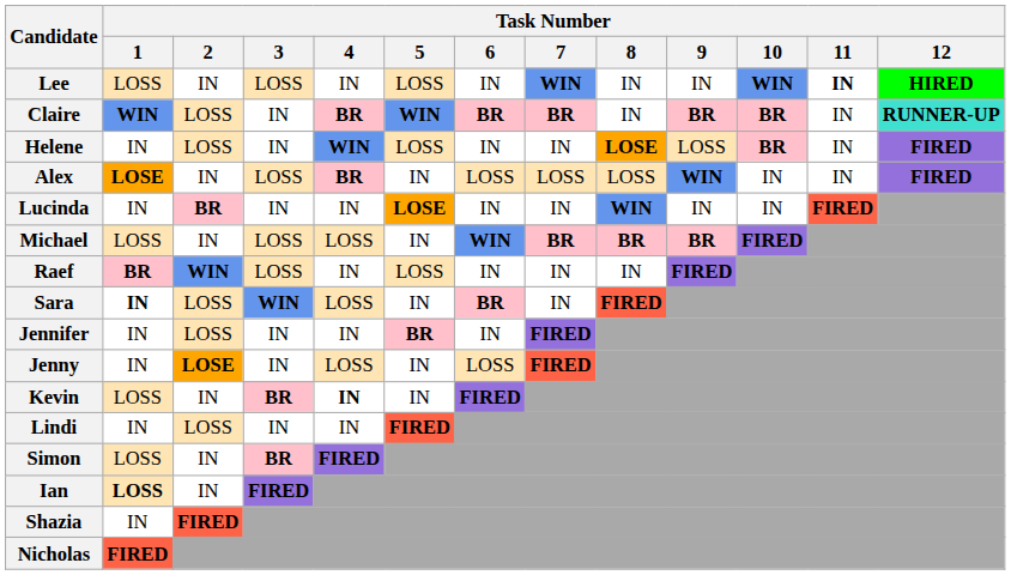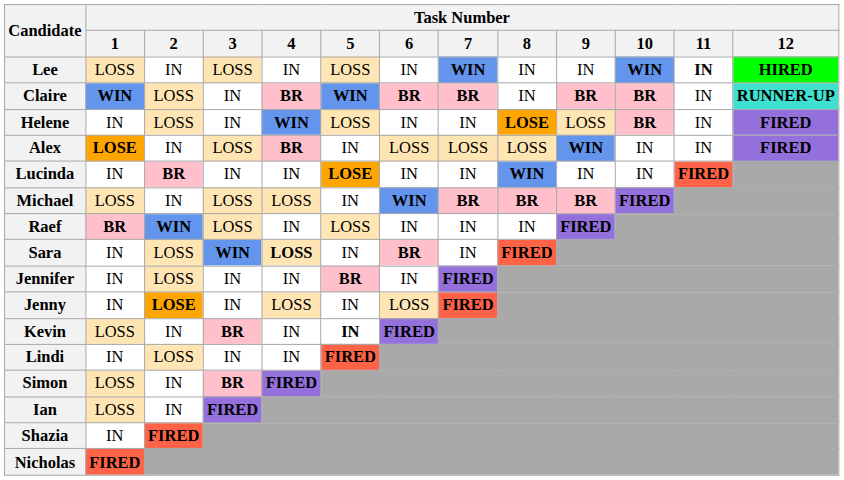 <table class="wikitable" style="text-align:center">
 <tr>
 <th rowspan="2">Candidate</th>
 <th colspan="13">Task Number</th>
 </tr>
 <tr>
 <th>1</th>
 <th>2</th>
 <th>3</th>
 <th>4</th>
 <th>5</th>
 <th>6</th>
 <th>7</th>
 <th>8</th>
 <th>9</th>
 <th>10</th>
 <th>11</th>
 <th>12</th>
 </tr>
 <tr>
 <th>Lee</th>
 <td style="background:#FFE5B4;">LOSS</td>
 <td style="background:white;">IN</td>
 <td style="background:#FFE5B4;">LOSS</td>
 <td style="background:white;">IN</td>
 <td style="background:#FFE5B4;">LOSS</td>
 <td style="background:white;">IN</td>
 <td style="background:cornflowerblue;"><strong>WIN</strong></td>
 <td style="background:white;">IN</td>
 <td style="background:white;">IN</td>
 <td style="background:cornflowerblue;"><strong>WIN</strong></td>
 <td style="background:white;"><strong>IN</strong></td>
 <td style="background:lime;"><strong>HIRED</strong></td>
 </tr>
 <tr>
 <th>Claire</th>
 <td style="background:cornflowerblue;"><strong>WIN</strong></td>
 <td style="background:#FFE5B4;">LOSS</td>
 <td style="background:white;">IN</td>
 <td style="background:pink;"><strong>BR</strong></td>
 <td style="background:cornflowerblue;"><strong>WIN</strong></td>
 <td style="background:pink;"><strong>BR</strong></td>
 <td style="background:pink;"><strong>BR</strong></td>
 <td style="background:white;">IN</td>
 <td style="background:pink;"><strong>BR</strong></td>
 <td style="background:pink;"><strong>BR</strong></td>
 <td style="background:white;">IN</td>
 <td style="background:turquoise;"><strong>RUNNER-UP</strong></td>
 </tr>
 <tr>
 <th>Helene</th>
 <td style="background:white;">IN</td>
 <td style="background:#FFE5B4;">LOSS</td>
 <td style="background:white;">IN</td>
 <td style="background:cornflowerblue;"><strong>WIN</strong></td>
 <td style="background:#FFE5B4;">LOSS</td>
 <td style="background:white;">IN</td>
 <td style="background:white;">IN</td>
 <td style="background:orange;"><strong>LOSE</strong></td>
 <td style="background:#FFE5B4;">LOSS</td>
 <td style="background:pink;"><strong>BR</strong></td>
 <td style="background:white;">IN</td>
 <td style="background:#9370DB;"><strong>FIRED</strong></td>
 </tr>
 <tr>
 <th>Alex</th>
 <td style="background:orange;"><strong>LOSE</strong></td>
 <td style="background:white;">IN</td>
 <td style="background:#FFE5B4;">LOSS</td>
 <td style="background:pink;"><strong>BR</strong></td>
 <td style="background:white;">IN</td>
 <td style="background:#FFE5B4;">LOSS</td>
 <td style="background:#FFE5B4;">LOSS</td>
 <td style="background:#FFE5B4;">LOSS</td>
 <td style="background:cornflowerblue;"><strong>WIN</strong></td>
 <td style="background:white;">IN</td>
 <td style="background:white;">IN</td>
 <td style="background:#9370DB;"><strong>FIRED</strong></td>
 </tr>
 <tr>
 <th>Lucinda</th>
 <td style="background:white;">IN</td>
 <td style="background:pink;"><strong>BR</strong></td>
 <td style="background:white;">IN</td>
 <td style="background:white;">IN</td>
 <td style="background:orange;"><strong>LOSE</strong></td>
 <td style="background:white;">IN</td>
 <td style="background:white;">IN</td>
 <td style="background:cornflowerblue;"><strong>WIN</strong></td>
 <td style="background:white;">IN</td>
 <td style="background:white;">IN</td>
 <td style="background:tomato;"><strong>FIRED</strong></td>
 <td colspan="1" style="background:darkgrey;"></td>
 </tr>
 <tr>
 <th>Michael</th>
 <td style="background:#FFE5B4;">LOSS</td>
 <td style="background:white;">IN</td>
 <td style="background:#FFE5B4;">LOSS</td>
 <td style="background:#FFE5B4;">LOSS</td>
 <td style="background:white;">IN</td>
 <td style="background:cornflowerblue;"><strong>WIN</strong></td>
 <td style="background:pink;"><strong>BR</strong></td>
 <td style="background:pink;"><strong>BR</strong></td>
 <td style="background:pink;"><strong>BR</strong></td>
 <td style="background:#9370DB;"><strong>FIRED</strong></td>
 <td colspan="2" style="background:darkgrey;"></td>
 </tr>
 <tr>
 <th>Raef</th>
 <td style="background:pink;"><strong>BR</strong></td>
 <td style="background:cornflowerblue;"><strong>WIN</strong></td>
 <td style="background:#FFE5B4;">LOSS</td>
 <td style="background:white;">IN</td>
 <td style="background:#FFE5B4;">LOSS</td>
 <td style="background:white;">IN</td>
 <td style="background:white;">IN</td>
 <td style="background:white;">IN</td>
 <td style="background:#9370DB;"><strong>FIRED</strong></td>
 <td colspan="3" style="background:darkgrey;"></td>
 </tr>
 <tr>
 <th>Sara</th>
-<td style="background:white;"><strong>IN</strong></td>
+<td style="background:white;">IN</td>
 <td style="background:#FFE5B4;">LOSS</td>
 <td style="background:cornflowerblue;"><strong>WIN</strong></td>
-<td style="background:#FFE5B4;">LOSS</td>
+<td style="background:#FFE5B4;"><strong>LOSS</strong></td>
 <td style="background:white;">IN</td>
 <td style="background:pink;"><strong>BR</strong></td>
 <td style="background:white;">IN</td>
 <td style="background:tomato;"><strong>FIRED</strong></td>
 <td colspan="4" style="background:darkgrey;"></td>
 </tr>
 <tr>
 <th>Jennifer</th>
 <td style="background:white;">IN</td>
 <td style="background:#FFE5B4;">LOSS</td>
 <td style="background:white;">IN</td>
 <td style="background:white;">IN</td>
 <td style="background:pink;"><strong>BR</strong></td>
 <td style="background:white;">IN</td>
 <td style="background:#9370DB;"><strong>FIRED</strong></td>
 <td colspan="5" style="background:darkgrey;"></td>
 </tr>
 <tr>
 <th>Jenny</th>
 <td style="background:white;">IN</td>
 <td style="background:orange;"><strong>LOSE</strong></td>
 <td style="background:white;">IN</td>
 <td style="background:#FFE5B4;">LOSS</td>
 <td style="background:white;">IN</td>
 <td style="background:#FFE5B4;">LOSS</td>
 <td style="background:tomato;"><strong>FIRED</strong></td>
 <td colspan="5" style="background:darkgrey;"></td>
 </tr>
 <tr>
 <th>Kevin</th>
 <td style="background:#FFE5B4;">LOSS</td>
 <td style="background:white;">IN</td>
 <td style="background:pink;"><strong>BR</strong></td>
+<td style="background:white;">IN</td>
 <td style="background:white;"><strong>IN</strong></td>
-<td style="background:white;">IN</td>
 <td style="background:#9370DB;"><strong>FIRED</strong></td>
 <td colspan="6" style="background:darkgrey;"></td>
 </tr>
 <tr>
 <th>Lindi</th>
 <td style="background:white;">IN</td>
 <td style="background:#FFE5B4;">LOSS</td>
 <td style="background:white;">IN</td>
 <td style="background:white;">IN</td>
 <td style="background:tomato;"><strong>FIRED</strong></td>
 <td colspan="7" style="background:darkgrey;"></td>
 </tr>
 <tr>
 <th>Simon</th>
 <td style="background:#FFE5B4;">LOSS</td>
 <td style="background:white;">IN</td>
 <td style="background:pink;"><strong>BR</strong></td>
 <td style="background:#9370DB;"><strong>FIRED</strong></td>
 <td colspan="8" style="background:darkgrey;"></td>
 </tr>
 <tr>
 <th>Ian</th>
-<td style="background:#FFE5B4;"><strong>LOSS</strong></td>
+<td style="background:#FFE5B4;">LOSS</td>
 <td style="background:white;">IN</td>
 <td style="background:#9370DB;"><strong>FIRED</strong></td>
 <td colspan="9" style="background:darkgrey;"></td>
 </tr>
 <tr>
 <th>Shazia</th>
 <td style="background:white;">IN</td>
 <td style="background:tomato;"><strong>FIRED</strong></td>
 <td colspan="10" style="background:darkgrey;"></td>
 </tr>
 <tr>
 <th>Nicholas</th>
 <td style="background:tomato;"><strong>FIRED</strong></td>
 <td colspan="11" style="background:darkgrey;"></td>
 </tr>
 </table>
